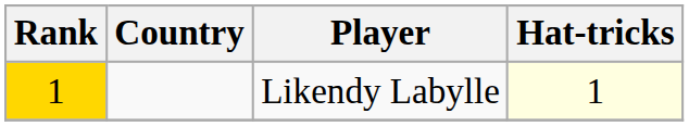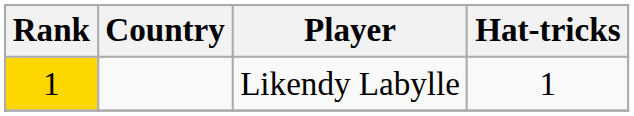 <table class="wikitable" style="text-align:center;">
 <tr>
 <th>Rank</th>
 <th>Country</th>
 <th>Player</th>
 <th>Hat-tricks</th>
 </tr>
 <tr>
 <td style="background: gold;">1</td>
 <td></td>
 <td>Likendy Labylle</td>
-<td style="background: lightyellow;">1</td>
+<td>1</td>
 </tr>
 <tr>
 </tr>
 </table>
